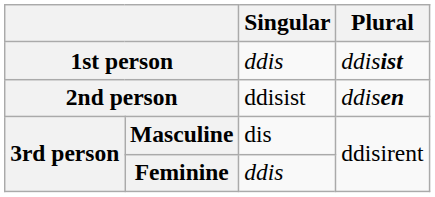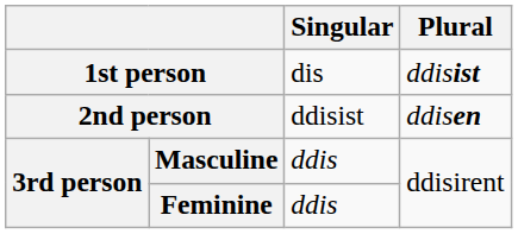 <table class="wikitable">
 <tr>
 <th colspan="2"></th>
 <th>Singular</th>
 <th>Plural</th>
 </tr>
 <tr>
 <th colspan="2">1st person</th>
-<td><em>ddis</em></td>
+<td></em>dis<em></td>
 <td><em>ddis<strong>ist<strong><em></td>
 </tr>
 <tr>
 <th colspan="2">2nd person</th>
 <td></em>ddis</strong>ist</em></strong></td>
 <td><em>ddis<strong>en<strong><em></td>
 </tr>
 <tr>
 <th rowspan="2">3rd person</th>
 <th>Masculine</th>
-<td></em>dis<em></td>
+<td><em>ddis</em></td>
 <td rowspan="2"></em>ddis</strong>irent</em></strong></td>
 </tr>
 <tr>
 <th>Feminine</th>
 <td><em>ddis</em></td>
 </tr>
 </table>
